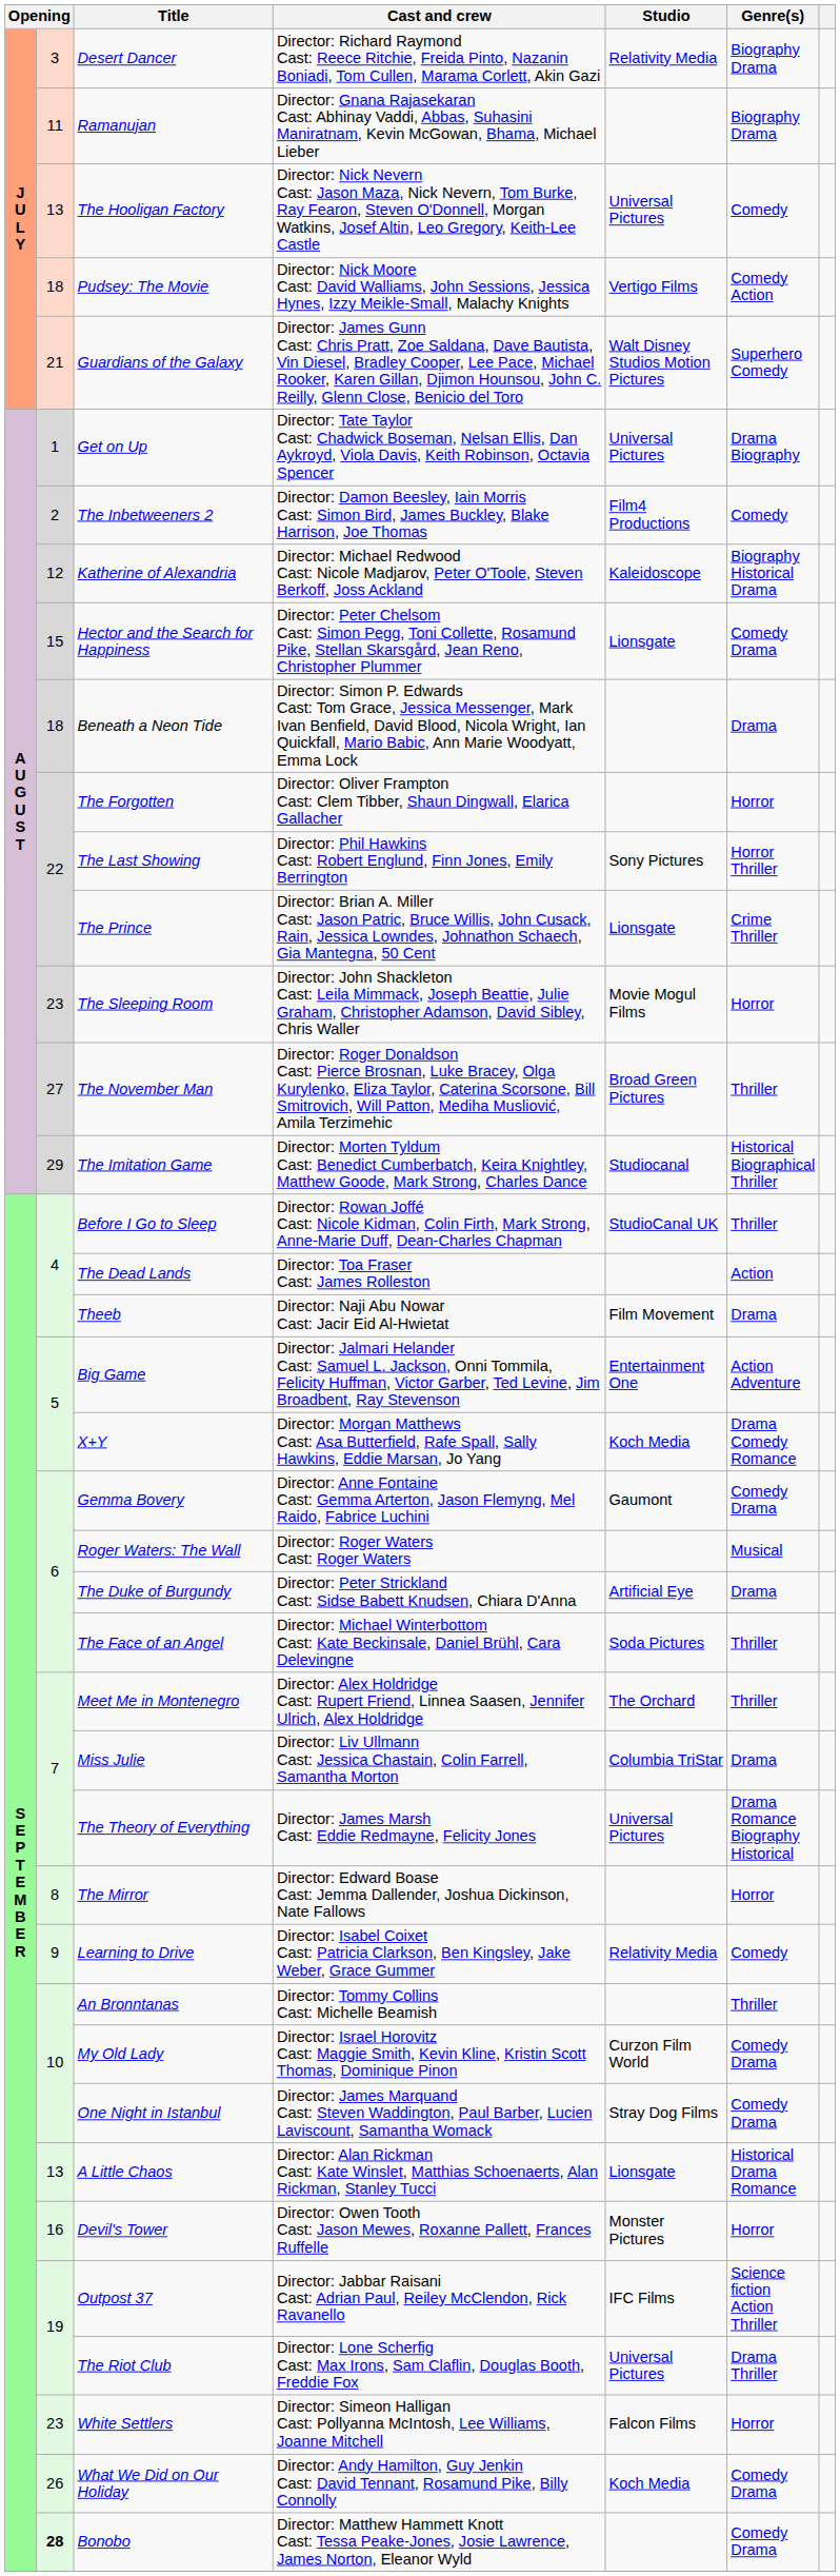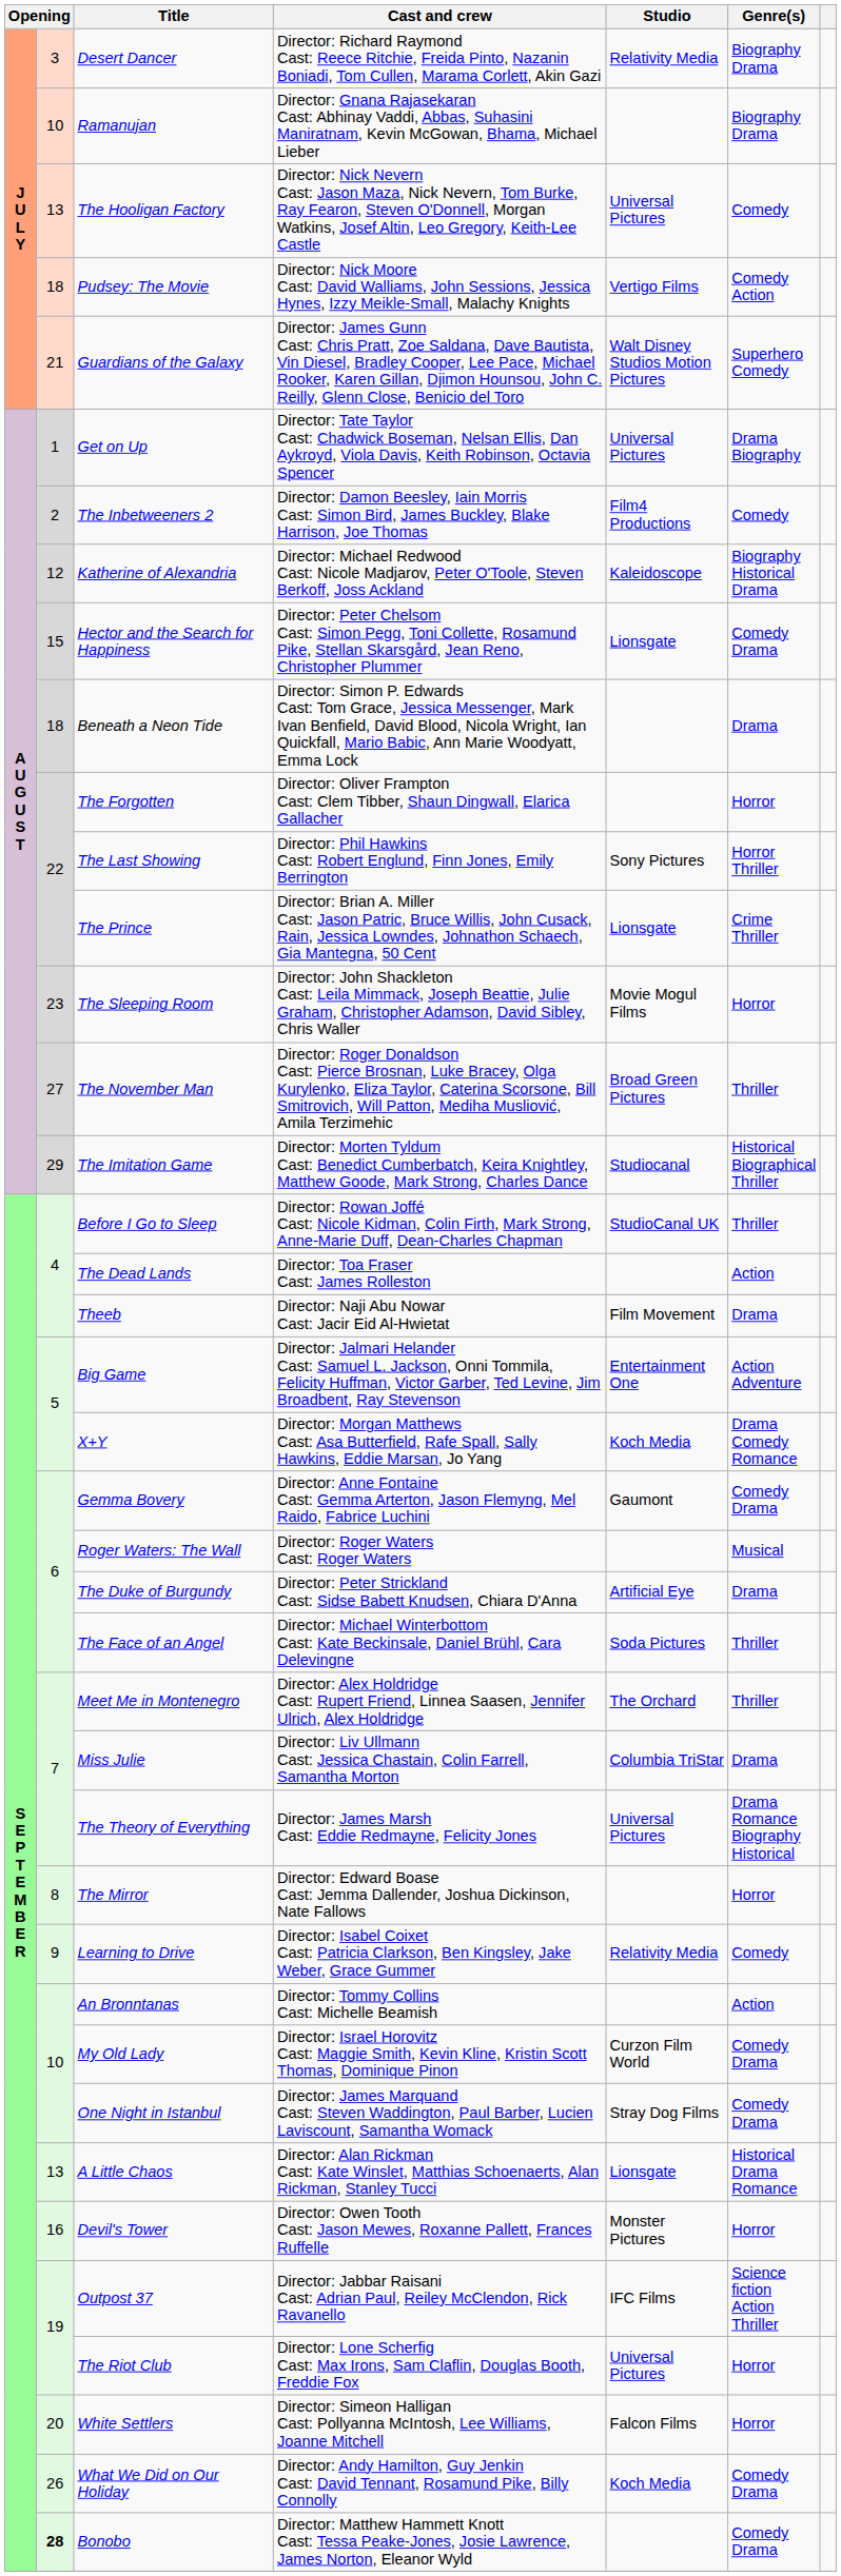 <table class="wikitable sortable plainrowheaders">
 <tr style="background:#b0e0e6; text-align:center;">
 <th colspan="2">Opening</th>
 <th style="width:24%;">Title</th>
 <th style="width:40%;">Cast and crew</th>
 <th>Studio</th>
 <th style="width:10%;">Genre(s)</th>
 <th style="width:2%;"></th>
 </tr>
 <tr>
 <th rowspan="5" style="text-align:center; background:#ffa07a; textcolor:#000;">J <br>U <br>L <br>Y</th>
 <td rowspan="1" style="text-align:center; background:#ffdacc;">3</td>
 <td><em><a href='#'>Desert Dancer</a></em></td>
 <td>Director: Richard Raymond  <br> Cast: <a href='#'>Reece Ritchie</a>, <a href='#'>Freida Pinto</a>, <a href='#'>Nazanin Boniadi</a>, <a href='#'>Tom Cullen</a>, <a href='#'>Marama Corlett</a>, Akin Gazi</td>
 <td><a href='#'>Relativity Media</a></td>
 <td><a href='#'>Biography</a>  <br> <a href='#'>Drama</a></td>
 <td style="text-align:center"></td>
 </tr>
 <tr>
-<td rowspan="1" style="text-align:center; background:#ffdacc;">11</td>
+<td rowspan="1" style="text-align:center; background:#ffdacc;">10</td>
 <td><em><a href='#'>Ramanujan</a></em></td>
 <td>Director: <a href='#'>Gnana Rajasekaran</a>  <br> Cast: Abhinay Vaddi, <a href='#'>Abbas</a>, <a href='#'>Suhasini Maniratnam</a>, Kevin McGowan, <a href='#'>Bhama</a>, Michael Lieber</td>
 <td></td>
 <td><a href='#'>Biography</a>  <br> <a href='#'>Drama</a></td>
 <td style="text-align:center"></td>
 </tr>
 <tr>
 <td rowspan="1" style="text-align:center; background:#ffdacc;">13</td>
 <td><em><a href='#'>The Hooligan Factory</a></em></td>
 <td>Director: <a href='#'>Nick Nevern</a>  <br> Cast: <a href='#'>Jason Maza</a>, Nick Nevern, <a href='#'>Tom Burke</a>, <a href='#'>Ray Fearon</a>, <a href='#'>Steven O'Donnell</a>, Morgan Watkins, <a href='#'>Josef Altin</a>, <a href='#'>Leo Gregory</a>, <a href='#'>Keith-Lee Castle</a></td>
 <td><a href='#'>Universal Pictures</a></td>
 <td><a href='#'>Comedy</a></td>
 <td style="text-align:center"></td>
 </tr>
 <tr>
 <td rowspan="1" style="text-align:center; background:#ffdacc;">18</td>
 <td><em><a href='#'>Pudsey: The Movie</a></em></td>
 <td>Director: <a href='#'>Nick Moore</a>  <br> Cast: <a href='#'>David Walliams</a>, <a href='#'>John Sessions</a>, <a href='#'>Jessica Hynes</a>, <a href='#'>Izzy Meikle-Small</a>, Malachy Knights</td>
 <td><a href='#'>Vertigo Films</a></td>
 <td><a href='#'>Comedy</a>  <br> <a href='#'>Action</a></td>
 <td style="text-align:center"></td>
 </tr>
 <tr>
 <td rowspan="1" style="text-align:center; background:#ffdacc;">21</td>
 <td><em><a href='#'>Guardians of the Galaxy</a></em></td>
 <td>Director: <a href='#'>James Gunn</a>  <br> Cast: <a href='#'>Chris Pratt</a>, <a href='#'>Zoe Saldana</a>, <a href='#'>Dave Bautista</a>, <a href='#'>Vin Diesel</a>, <a href='#'>Bradley Cooper</a>, <a href='#'>Lee Pace</a>, <a href='#'>Michael Rooker</a>, <a href='#'>Karen Gillan</a>, <a href='#'>Djimon Hounsou</a>, <a href='#'>John C. Reilly</a>, <a href='#'>Glenn Close</a>, <a href='#'>Benicio del Toro</a></td>
 <td><a href='#'>Walt Disney Studios Motion Pictures</a></td>
 <td><a href='#'>Superhero</a>  <br> <a href='#'>Comedy</a></td>
 <td style="text-align:center"></td>
 </tr>
 <tr>
 <th rowspan="11" style="text-align:center; background:thistle; textcolor:#000;">A <br>U <br>G <br>U <br>S <br>T</th>
 <td rowspan="1" style="text-align:center; background:#d8d8d8;">1</td>
 <td><em><a href='#'>Get on Up</a></em></td>
 <td>Director: <a href='#'>Tate Taylor</a>  <br> Cast: <a href='#'>Chadwick Boseman</a>, <a href='#'>Nelsan Ellis</a>, <a href='#'>Dan Aykroyd</a>, <a href='#'>Viola Davis</a>, <a href='#'>Keith Robinson</a>, <a href='#'>Octavia Spencer</a></td>
 <td><a href='#'>Universal Pictures</a></td>
 <td><a href='#'>Drama</a>  <br> <a href='#'>Biography</a></td>
 <td style="text-align:center"></td>
 </tr>
 <tr>
 <td rowspan="1" style="text-align:center; background:#d8d8d8;">2</td>
 <td><em><a href='#'>The Inbetweeners 2</a></em></td>
 <td>Director: <a href='#'>Damon Beesley</a>, <a href='#'>Iain Morris</a>  <br> Cast: <a href='#'>Simon Bird</a>, <a href='#'>James Buckley</a>, <a href='#'>Blake Harrison</a>, <a href='#'>Joe Thomas</a></td>
 <td><a href='#'>Film4 Productions</a></td>
 <td><a href='#'>Comedy</a></td>
 <td style="text-align:center"></td>
 </tr>
 <tr>
 <td rowspan="1" style="text-align:center; background:#d8d8d8;">12</td>
 <td><em><a href='#'>Katherine of Alexandria</a></em></td>
 <td>Director: Michael Redwood  <br> Cast: Nicole Madjarov, <a href='#'>Peter O'Toole</a>, <a href='#'>Steven Berkoff</a>, <a href='#'>Joss Ackland</a></td>
 <td><a href='#'>Kaleidoscope</a></td>
 <td><a href='#'>Biography</a>  <br> <a href='#'>Historical</a>  <br> <a href='#'>Drama</a></td>
 <td style="text-align:center"></td>
 </tr>
 <tr>
 <td rowspan="1" style="text-align:center; background:#d8d8d8;">15</td>
 <td><em><a href='#'>Hector and the Search for Happiness</a></em></td>
 <td>Director: <a href='#'>Peter Chelsom</a>  <br> Cast: <a href='#'>Simon Pegg</a>, <a href='#'>Toni Collette</a>, <a href='#'>Rosamund Pike</a>, <a href='#'>Stellan Skarsgård</a>, <a href='#'>Jean Reno</a>, <a href='#'>Christopher Plummer</a></td>
 <td><a href='#'>Lionsgate</a></td>
 <td><a href='#'>Comedy</a>  <br> <a href='#'>Drama</a></td>
 <td style="text-align:center"></td>
 </tr>
 <tr>
 <td rowspan="1" style="text-align:center; background:#d8d8d8;">18</td>
 <td><em>Beneath a Neon Tide</em></td>
 <td>Director: Simon P. Edwards  <br> Cast: Tom Grace, <a href='#'>Jessica Messenger</a>, Mark Ivan Benfield, David Blood, Nicola Wright, Ian Quickfall, <a href='#'>Mario Babic</a>, Ann Marie Woodyatt, Emma Lock</td>
 <td></td>
 <td><a href='#'>Drama</a></td>
 <td style="text-align:center"></td>
 </tr>
 <tr>
 <td rowspan="3" style="text-align:center; background:#d8d8d8;">22</td>
 <td><em><a href='#'>The Forgotten</a></em></td>
 <td>Director: Oliver Frampton  <br> Cast: Clem Tibber, <a href='#'>Shaun Dingwall</a>, <a href='#'>Elarica Gallacher</a></td>
 <td></td>
 <td><a href='#'>Horror</a></td>
 <td style="text-align:center"></td>
 </tr>
 <tr>
 <td><em><a href='#'>The Last Showing</a></em></td>
 <td>Director: <a href='#'>Phil Hawkins</a>  <br> Cast: <a href='#'>Robert Englund</a>, <a href='#'>Finn Jones</a>, <a href='#'>Emily Berrington</a></td>
 <td>Sony Pictures</td>
 <td><a href='#'>Horror</a>  <br> <a href='#'>Thriller</a></td>
 <td style="text-align:center"></td>
 </tr>
 <tr>
 <td><em><a href='#'>The Prince</a></em></td>
 <td>Director: Brian A. Miller  <br> Cast: <a href='#'>Jason Patric</a>, <a href='#'>Bruce Willis</a>, <a href='#'>John Cusack</a>, <a href='#'>Rain</a>, <a href='#'>Jessica Lowndes</a>, <a href='#'>Johnathon Schaech</a>, <a href='#'>Gia Mantegna</a>, <a href='#'>50 Cent</a></td>
 <td><a href='#'>Lionsgate</a></td>
 <td><a href='#'>Crime</a>  <br> <a href='#'>Thriller</a></td>
 <td style="text-align:center"></td>
 </tr>
 <tr>
 <td rowspan="1" style="text-align:center; background:#d8d8d8;">23</td>
 <td><em><a href='#'>The Sleeping Room</a></em></td>
 <td>Director: John Shackleton  <br> Cast: <a href='#'>Leila Mimmack</a>, <a href='#'>Joseph Beattie</a>, <a href='#'>Julie Graham</a>, <a href='#'>Christopher Adamson</a>, <a href='#'>David Sibley</a>, Chris Waller</td>
 <td>Movie Mogul Films</td>
 <td><a href='#'>Horror</a></td>
 <td style="text-align:center"></td>
 </tr>
 <tr>
 <td rowspan="1" style="text-align:center; background:#d8d8d8;">27</td>
 <td><em><a href='#'>The November Man</a></em></td>
 <td>Director: <a href='#'>Roger Donaldson</a>  <br> Cast: <a href='#'>Pierce Brosnan</a>, <a href='#'>Luke Bracey</a>, <a href='#'>Olga Kurylenko</a>, <a href='#'>Eliza Taylor</a>, <a href='#'>Caterina Scorsone</a>, <a href='#'>Bill Smitrovich</a>, <a href='#'>Will Patton</a>, <a href='#'>Mediha Musliović</a>, Amila Terzimehic</td>
 <td><a href='#'>Broad Green Pictures</a></td>
 <td><a href='#'>Thriller</a></td>
 <td style="text-align:center"></td>
 </tr>
 <tr>
 <td rowspan="1" style="text-align:center; background:#d8d8d8;">29</td>
 <td><em><a href='#'>The Imitation Game</a></em></td>
 <td>Director: <a href='#'>Morten Tyldum</a>  <br> Cast: <a href='#'>Benedict Cumberbatch</a>, <a href='#'>Keira Knightley</a>, <a href='#'>Matthew Goode</a>, <a href='#'>Mark Strong</a>, <a href='#'>Charles Dance</a></td>
 <td><a href='#'>Studiocanal</a></td>
 <td><a href='#'>Historical</a>  <br> <a href='#'>Biographical</a>  <br> <a href='#'>Thriller</a></td>
 <td style="text-align:center"></td>
 </tr>
 <tr>
 <th rowspan="24" style="text-align:center; background:#98fb98; textcolor:#000;">S <br>E <br>P <br>T <br>E <br>M <br>B <br>E <br>R</th>
 <td rowspan="3" style="text-align:center; background:#e0f9e0;">4</td>
 <td><em><a href='#'>Before I Go to Sleep</a></em></td>
 <td>Director: <a href='#'>Rowan Joffé</a>  <br> Cast: <a href='#'>Nicole Kidman</a>, <a href='#'>Colin Firth</a>, <a href='#'>Mark Strong</a>, <a href='#'>Anne-Marie Duff</a>, <a href='#'>Dean-Charles Chapman</a></td>
 <td><a href='#'>StudioCanal UK</a></td>
 <td><a href='#'>Thriller</a></td>
 <td style="text-align:center"></td>
 </tr>
 <tr>
 <td><em><a href='#'>The Dead Lands</a></em></td>
 <td>Director: <a href='#'>Toa Fraser</a>  <br> Cast: <a href='#'>James Rolleston</a></td>
 <td></td>
 <td><a href='#'>Action</a></td>
 <td style="text-align:center"></td>
 </tr>
 <tr>
 <td><em><a href='#'>Theeb</a></em></td>
 <td>Director: Naji Abu Nowar  <br> Cast: Jacir Eid Al-Hwietat</td>
 <td>Film Movement</td>
 <td><a href='#'>Drama</a></td>
 <td style="text-align:center"></td>
 </tr>
 <tr>
 <td rowspan="2" style="text-align:center; background:#e0f9e0;">5</td>
 <td><em><a href='#'>Big Game</a></em></td>
 <td>Director: <a href='#'>Jalmari Helander</a>  <br> Cast: <a href='#'>Samuel L. Jackson</a>, Onni Tommila, <a href='#'>Felicity Huffman</a>, <a href='#'>Victor Garber</a>, <a href='#'>Ted Levine</a>, <a href='#'>Jim Broadbent</a>, <a href='#'>Ray Stevenson</a></td>
 <td><a href='#'>Entertainment One</a></td>
 <td><a href='#'>Action</a>  <br> <a href='#'>Adventure</a></td>
 <td style="text-align:center"></td>
 </tr>
 <tr>
 <td><em><a href='#'>X+Y</a></em></td>
 <td>Director: <a href='#'>Morgan Matthews</a>  <br> Cast: <a href='#'>Asa Butterfield</a>, <a href='#'>Rafe Spall</a>, <a href='#'>Sally Hawkins</a>, <a href='#'>Eddie Marsan</a>, Jo Yang</td>
 <td><a href='#'>Koch Media</a></td>
 <td><a href='#'>Drama</a>  <br> <a href='#'>Comedy</a>  <br> <a href='#'>Romance</a></td>
 <td style="text-align:center"></td>
 </tr>
 <tr>
 <td rowspan="4" style="text-align:center; background:#e0f9e0;">6</td>
 <td><em><a href='#'>Gemma Bovery</a></em></td>
 <td>Director: <a href='#'>Anne Fontaine</a>  <br> Cast: <a href='#'>Gemma Arterton</a>, <a href='#'>Jason Flemyng</a>, <a href='#'>Mel Raido</a>, <a href='#'>Fabrice Luchini</a></td>
 <td>Gaumont</td>
 <td><a href='#'>Comedy</a>  <br> <a href='#'>Drama</a></td>
 <td style="text-align:center"></td>
 </tr>
 <tr>
 <td><em><a href='#'>Roger Waters: The Wall</a></em></td>
 <td>Director: <a href='#'>Roger Waters</a>  <br> Cast: <a href='#'>Roger Waters</a></td>
 <td></td>
 <td><a href='#'>Musical</a></td>
 <td style="text-align:center"></td>
 </tr>
 <tr>
 <td><em><a href='#'>The Duke of Burgundy</a></em></td>
 <td>Director: <a href='#'>Peter Strickland</a>  <br> Cast: <a href='#'>Sidse Babett Knudsen</a>, Chiara D'Anna</td>
 <td><a href='#'>Artificial Eye</a></td>
 <td><a href='#'>Drama</a></td>
 <td style="text-align:center"></td>
 </tr>
 <tr>
 <td><em><a href='#'>The Face of an Angel</a></em></td>
 <td>Director: <a href='#'>Michael Winterbottom</a>  <br> Cast: <a href='#'>Kate Beckinsale</a>, <a href='#'>Daniel Brühl</a>, <a href='#'>Cara Delevingne</a></td>
 <td><a href='#'>Soda Pictures</a></td>
 <td><a href='#'>Thriller</a></td>
 <td style="text-align:center"></td>
 </tr>
 <tr>
 <td rowspan="3" style="text-align:center; background:#e0f9e0;">7</td>
 <td><em><a href='#'>Meet Me in Montenegro</a></em></td>
 <td>Director: <a href='#'>Alex Holdridge</a>  <br> Cast: <a href='#'>Rupert Friend</a>,  Linnea Saasen, <a href='#'>Jennifer Ulrich</a>, <a href='#'>Alex Holdridge</a></td>
 <td><a href='#'>The Orchard</a></td>
 <td><a href='#'>Thriller</a></td>
 <td style="text-align:center"></td>
 </tr>
 <tr>
 <td><em><a href='#'>Miss Julie</a></em></td>
 <td>Director: <a href='#'>Liv Ullmann</a>  <br> Cast: <a href='#'>Jessica Chastain</a>, <a href='#'>Colin Farrell</a>, <a href='#'>Samantha Morton</a></td>
 <td><a href='#'>Columbia TriStar</a></td>
 <td><a href='#'>Drama</a></td>
 <td style="text-align:center"></td>
 </tr>
 <tr>
 <td><em><a href='#'>The Theory of Everything</a></em></td>
 <td>Director: <a href='#'>James Marsh</a>  <br> Cast: <a href='#'>Eddie Redmayne</a>, <a href='#'>Felicity Jones</a></td>
 <td><a href='#'>Universal Pictures</a></td>
 <td><a href='#'>Drama</a>  <br> <a href='#'>Romance</a>  <br> <a href='#'>Biography</a>  <br> <a href='#'>Historical</a></td>
 <td style="text-align:center"></td>
 </tr>
 <tr>
 <td rowspan="1" style="text-align:center; background:#e0f9e0;">8</td>
 <td><em><a href='#'>The Mirror</a></em></td>
 <td>Director: Edward Boase  <br> Cast: Jemma Dallender, Joshua Dickinson, Nate Fallows</td>
 <td></td>
 <td><a href='#'>Horror</a></td>
 <td style="text-align:center"></td>
 </tr>
 <tr>
 <td rowspan="1" style="text-align:center; background:#e0f9e0;">9</td>
 <td><em><a href='#'>Learning to Drive</a></em></td>
 <td>Director: <a href='#'>Isabel Coixet</a>  <br> Cast: <a href='#'>Patricia Clarkson</a>, <a href='#'>Ben Kingsley</a>, <a href='#'>Jake Weber</a>, <a href='#'>Grace Gummer</a></td>
 <td><a href='#'>Relativity Media</a></td>
 <td><a href='#'>Comedy</a></td>
 <td style="text-align:center"></td>
 </tr>
 <tr>
 <td rowspan="3" style="text-align:center; background:#e0f9e0;">10</td>
 <td><em><a href='#'>An Bronntanas</a></em></td>
 <td>Director: <a href='#'>Tommy Collins</a>  <br> Cast: Michelle Beamish</td>
 <td></td>
-<td><a href='#'>Thriller</a></td>
+<td><a href='#'>Action</a></td>
 <td style="text-align:center"></td>
 </tr>
 <tr>
 <td><em><a href='#'>My Old Lady</a></em></td>
 <td>Director: <a href='#'>Israel Horovitz</a>  <br> Cast: <a href='#'>Maggie Smith</a>, <a href='#'>Kevin Kline</a>, <a href='#'>Kristin Scott Thomas</a>, <a href='#'>Dominique Pinon</a></td>
 <td>Curzon Film World</td>
 <td><a href='#'>Comedy</a>  <br> <a href='#'>Drama</a></td>
 <td style="text-align:center"></td>
 </tr>
 <tr>
 <td><em><a href='#'>One Night in Istanbul</a></em></td>
 <td>Director: <a href='#'>James Marquand</a>  <br> Cast: <a href='#'>Steven Waddington</a>, <a href='#'>Paul Barber</a>, <a href='#'>Lucien Laviscount</a>, <a href='#'>Samantha Womack</a></td>
 <td>Stray Dog Films</td>
 <td><a href='#'>Comedy</a>  <br> <a href='#'>Drama</a></td>
 <td style="text-align:center"></td>
 </tr>
 <tr>
 <td rowspan="1" style="text-align:center; background:#e0f9e0;">13</td>
 <td><em><a href='#'>A Little Chaos</a></em></td>
 <td>Director: <a href='#'>Alan Rickman</a>  <br> Cast: <a href='#'>Kate Winslet</a>, <a href='#'>Matthias Schoenaerts</a>, <a href='#'>Alan Rickman</a>, <a href='#'>Stanley Tucci</a></td>
 <td><a href='#'>Lionsgate</a></td>
 <td><a href='#'>Historical</a>  <br> <a href='#'>Drama</a>  <br> <a href='#'>Romance</a></td>
 <td style="text-align:center"></td>
 </tr>
 <tr>
 <td rowspan="1" style="text-align:center; background:#e0f9e0;">16</td>
 <td><em><a href='#'>Devil's Tower</a></em></td>
 <td>Director: Owen Tooth  <br> Cast: <a href='#'>Jason Mewes</a>, <a href='#'>Roxanne Pallett</a>, <a href='#'>Frances Ruffelle</a></td>
 <td>Monster Pictures</td>
 <td><a href='#'>Horror</a></td>
 <td style="text-align:center"></td>
 </tr>
 <tr>
 <td rowspan="2" style="text-align:center; background:#e0f9e0;">19</td>
 <td><em><a href='#'>Outpost 37</a></em></td>
 <td>Director: Jabbar Raisani  <br> Cast: <a href='#'>Adrian Paul</a>, <a href='#'>Reiley McClendon</a>, <a href='#'>Rick Ravanello</a></td>
 <td>IFC Films</td>
 <td><a href='#'>Science fiction</a>  <br> <a href='#'>Action</a>  <br> <a href='#'>Thriller</a></td>
 <td style="text-align:center"></td>
 </tr>
 <tr>
 <td><em><a href='#'>The Riot Club</a></em></td>
 <td>Director: <a href='#'>Lone Scherfig</a>  <br> Cast: <a href='#'>Max Irons</a>, <a href='#'>Sam Claflin</a>, <a href='#'>Douglas Booth</a>, <a href='#'>Freddie Fox</a></td>
 <td><a href='#'>Universal Pictures</a></td>
-<td><a href='#'>Drama</a>  <br> <a href='#'>Thriller</a></td>
+<td><a href='#'>Horror</a></td>
 <td style="text-align:center"></td>
 </tr>
 <tr>
-<td rowspan="1" style="text-align:center; background:#e0f9e0;">23</td>
+<td rowspan="1" style="text-align:center; background:#e0f9e0;">20</td>
 <td><em><a href='#'>White Settlers</a></em></td>
 <td>Director: Simeon Halligan  <br> Cast: Pollyanna McIntosh, <a href='#'>Lee Williams</a>, <a href='#'>Joanne Mitchell</a></td>
 <td>Falcon Films</td>
 <td><a href='#'>Horror</a></td>
 <td style="text-align:center"></td>
 </tr>
 <tr>
 <td rowspan="1" style="text-align:center; background:#e0f9e0;">26</td>
 <td><em><a href='#'>What We Did on Our Holiday</a></em></td>
 <td>Director: <a href='#'>Andy Hamilton</a>, <a href='#'>Guy Jenkin</a>  <br> Cast: <a href='#'>David Tennant</a>, <a href='#'>Rosamund Pike</a>, <a href='#'>Billy Connolly</a></td>
 <td><a href='#'>Koch Media</a></td>
 <td><a href='#'>Comedy</a>  <br> <a href='#'>Drama</a></td>
 <td style="text-align:center"></td>
 </tr>
 <tr>
 <td rowspan="1" style="text-align:center; background:#e0f9e0;"><strong>28</strong></td>
 <td><em><a href='#'>Bonobo</a></em></td>
 <td>Director: Matthew Hammett Knott  <br> Cast: <a href='#'>Tessa Peake-Jones</a>, <a href='#'>Josie Lawrence</a>, <a href='#'>James Norton</a>, Eleanor Wyld</td>
 <td></td>
 <td><a href='#'>Comedy</a>  <br> <a href='#'>Drama</a></td>
 <td style="text-align:center"></td>
 </tr>
 <tr>
 </tr>
 </table>
